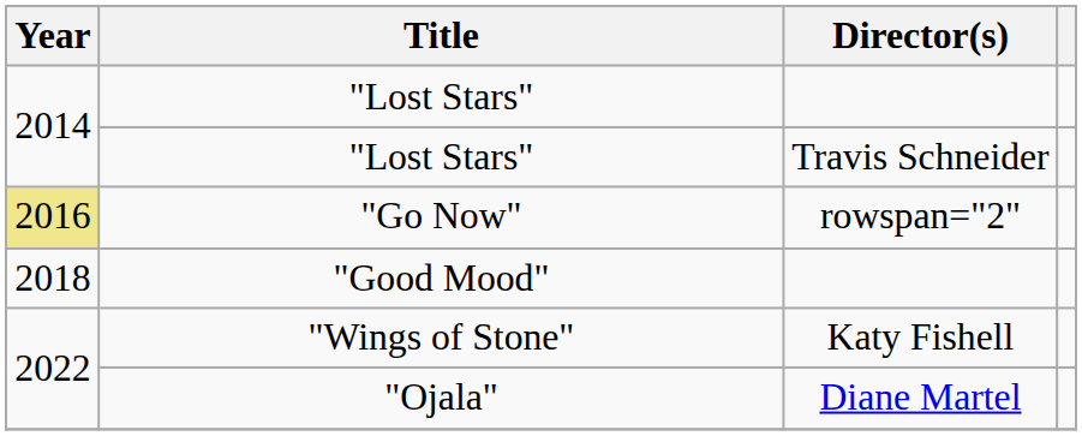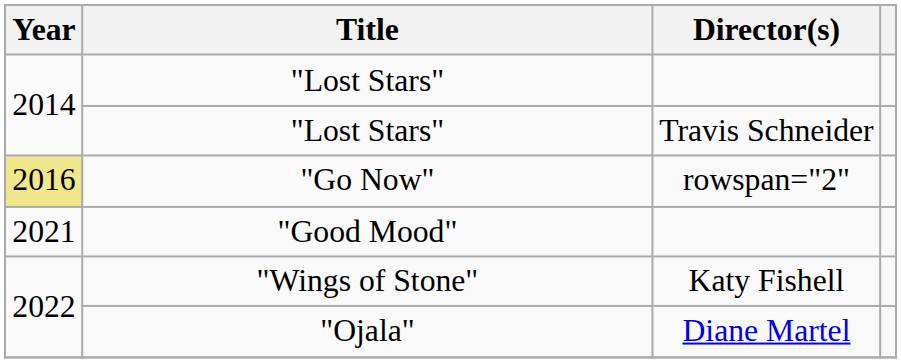 <table class="wikitable plainrowheaders" style="text-align:center;">
 <tr>
 <th scope="col">Year</th>
 <th scope="col" style="width:17.5em;">Title</th>
 <th scope="col">Director(s)</th>
 <th scope="col"></th>
 </tr>
 <tr>
 <td rowspan="2">2014</td>
 <td>"Lost Stars"</td>
 <td></td>
 <td></td>
 </tr>
 <tr>
 <td>"Lost Stars" </td>
 <td>Travis Schneider</td>
 <td></td>
 </tr>
 <tr>
 <td style="background: khaki;">2016</td>
 <td>"Go Now"</td>
 <td>rowspan="2" </td>
 <td></td>
 </tr>
 <tr>
-<td>2018</td>
+<td>2021</td>
 <td>"Good Mood"</td>
 <td></td>
 </tr>
 <tr>
 <td rowspan="2">2022</td>
 <td>"Wings of Stone"</td>
 <td>Katy Fishell</td>
 <td></td>
 </tr>
 <tr>
 <td>"Ojala" <br> </td>
 <td><a href='#'>Diane Martel</a></td>
 <td></td>
 </tr>
 <tr>
 </tr>
 </table>
